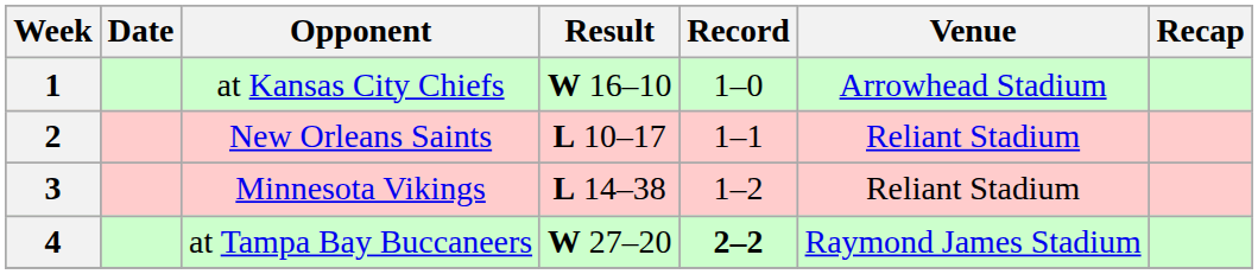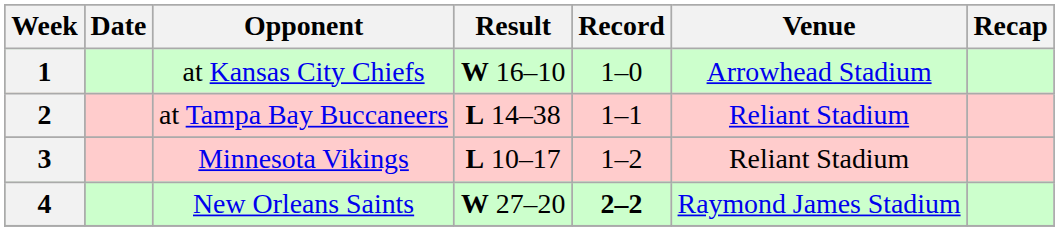 <table class="wikitable" style="text-align:center">
 <tr>
 <th>Week</th>
 <th>Date</th>
 <th>Opponent</th>
 <th>Result</th>
 <th>Record</th>
 <th>Venue</th>
 <th>Recap</th>
 </tr>
 <tr style="background:#cfc">
 <th>1</th>
 <td></td>
 <td>at <a href='#'>Kansas City Chiefs</a></td>
 <td><strong>W</strong> 16–10</td>
 <td>1–0</td>
 <td><a href='#'>Arrowhead Stadium</a></td>
 <td></td>
 </tr>
 <tr style="background:#fcc">
 <th>2</th>
 <td></td>
-<td><a href='#'>New Orleans Saints</a></td>
-<td><strong>L</strong> 10–17</td>
+<td>at <a href='#'>Tampa Bay Buccaneers</a></td>
+<td><strong>L</strong> 14–38</td>
 <td>1–1</td>
 <td><a href='#'>Reliant Stadium</a></td>
 <td></td>
 </tr>
 <tr style="background:#fcc">
 <th>3</th>
 <td></td>
 <td><a href='#'>Minnesota Vikings</a></td>
-<td><strong>L</strong> 14–38</td>
+<td><strong>L</strong> 10–17</td>
 <td>1–2</td>
 <td>Reliant Stadium</td>
 <td></td>
 </tr>
 <tr style="background:#cfc">
 <th>4</th>
 <td></td>
-<td>at <a href='#'>Tampa Bay Buccaneers</a></td>
+<td><a href='#'>New Orleans Saints</a></td>
 <td><strong>W</strong> 27–20</td>
 <td><strong>2–2</strong></td>
 <td><a href='#'>Raymond James Stadium</a></td>
 <td></td>
 </tr>
 <tr align="center">
 </tr>
 </table>
